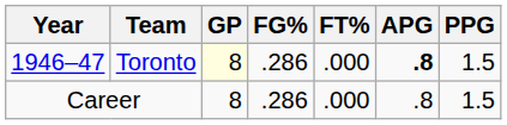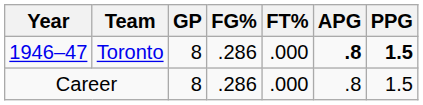 <table class="wikitable sortable" style="font-size:95%; text-align:right;">
 <tr>
 <th>Year</th>
 <th>Team</th>
 <th>GP</th>
 <th>FG%</th>
 <th>FT%</th>
 <th>APG</th>
 <th>PPG</th>
 </tr>
 <tr>
 <td style="text-align:left;"><a href='#'>1946–47</a></td>
 <td style="text-align:left;"><a href='#'>Toronto</a></td>
-<td style="background: lightyellow;">8</td>
+<td>8</td>
 <td>.286</td>
 <td>.000</td>
 <td><strong>.8</strong></td>
-<td>1.5</td>
+<td><strong>1.5</strong></td>
 </tr>
 <tr>
 <td style="text-align:center;" colspan="2">Career</td>
 <td>8</td>
 <td>.286</td>
 <td>.000</td>
 <td>.8</td>
 <td>1.5</td>
 </tr>
 </table>
